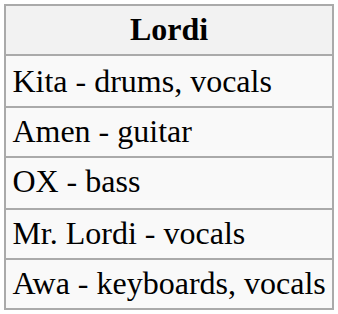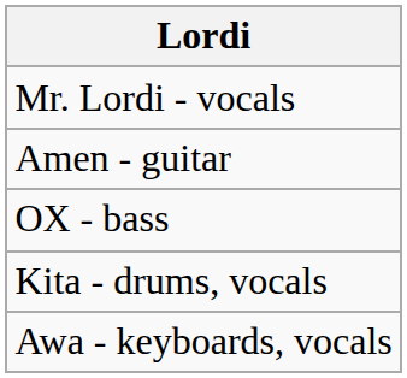 <table class="wikitable">
 <tr>
 <th>Lordi</th>
 </tr>
 <tr>
-<td>Kita - drums, vocals</td>
+<td>Mr. Lordi - vocals</td>
 </tr>
 <tr>
 <td>Amen - guitar</td>
 </tr>
 <tr>
 <td>OX - bass</td>
 </tr>
 <tr>
-<td>Mr. Lordi - vocals</td>
+<td>Kita - drums, vocals</td>
 </tr>
 <tr>
 <td>Awa - keyboards, vocals</td>
 </tr>
 </table>
